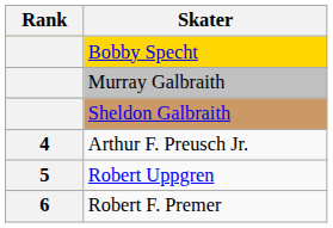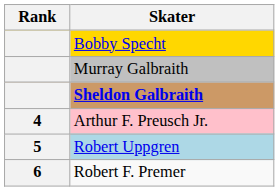 <table class="wikitable unsortable" style="text-align:left; width:30%">
 <tr>
 <th scope="col">Rank</th>
 <th scope="col">Skater</th>
 </tr>
 <tr bgcolor="gold">
 <th scope="row"></th>
 <td><a href='#'>Bobby Specht</a></td>
 </tr>
 <tr bgcolor="silver">
 <th scope="row"></th>
 <td>Murray Galbraith</td>
 </tr>
 <tr bgcolor="cc9966">
 <th scope="row"></th>
-<td><a href='#'>Sheldon Galbraith</a></td>
+<td><strong><a href='#'>Sheldon Galbraith</a></strong></td>
 </tr>
 <tr>
 <th scope="row">4</th>
-<td>Arthur F. Preusch Jr.</td>
+<td style="background: pink;">Arthur F. Preusch Jr.</td>
 </tr>
 <tr>
 <th scope="row">5</th>
-<td><a href='#'>Robert Uppgren</a></td>
+<td style="background: lightblue;"><a href='#'>Robert Uppgren</a></td>
 </tr>
 <tr>
 <th scope="row">6</th>
 <td>Robert F. Premer</td>
 </tr>
 </table>
